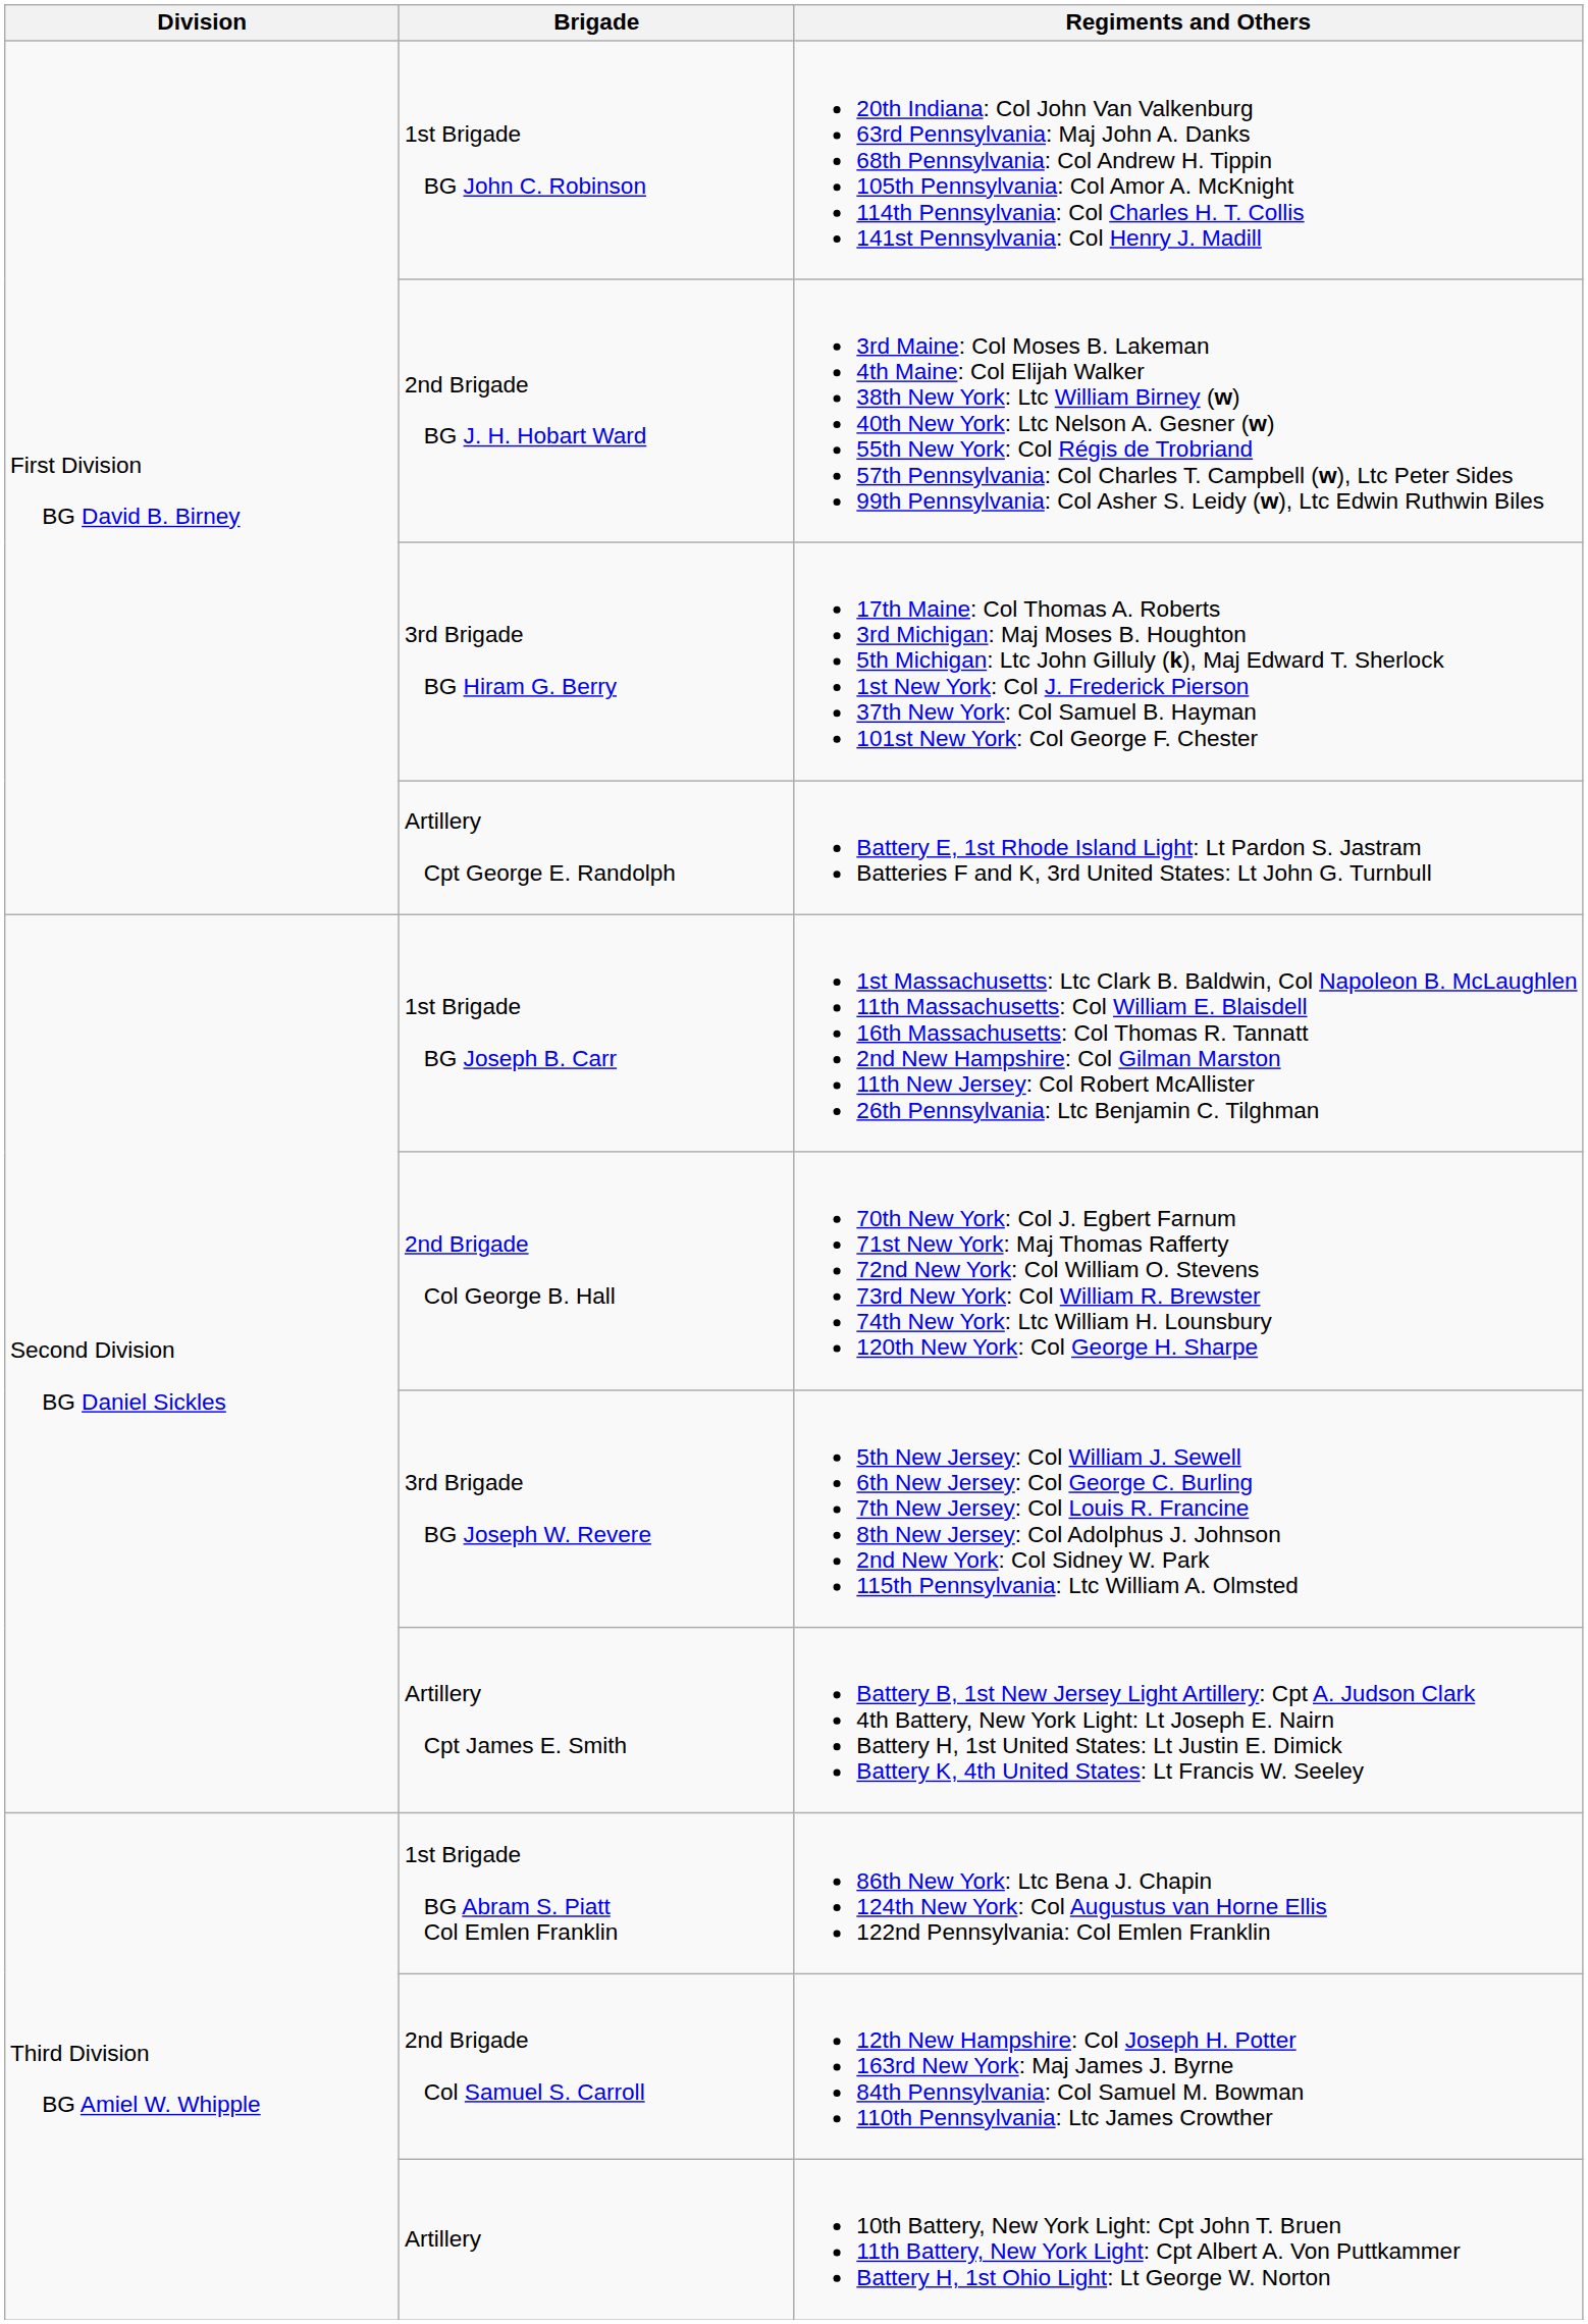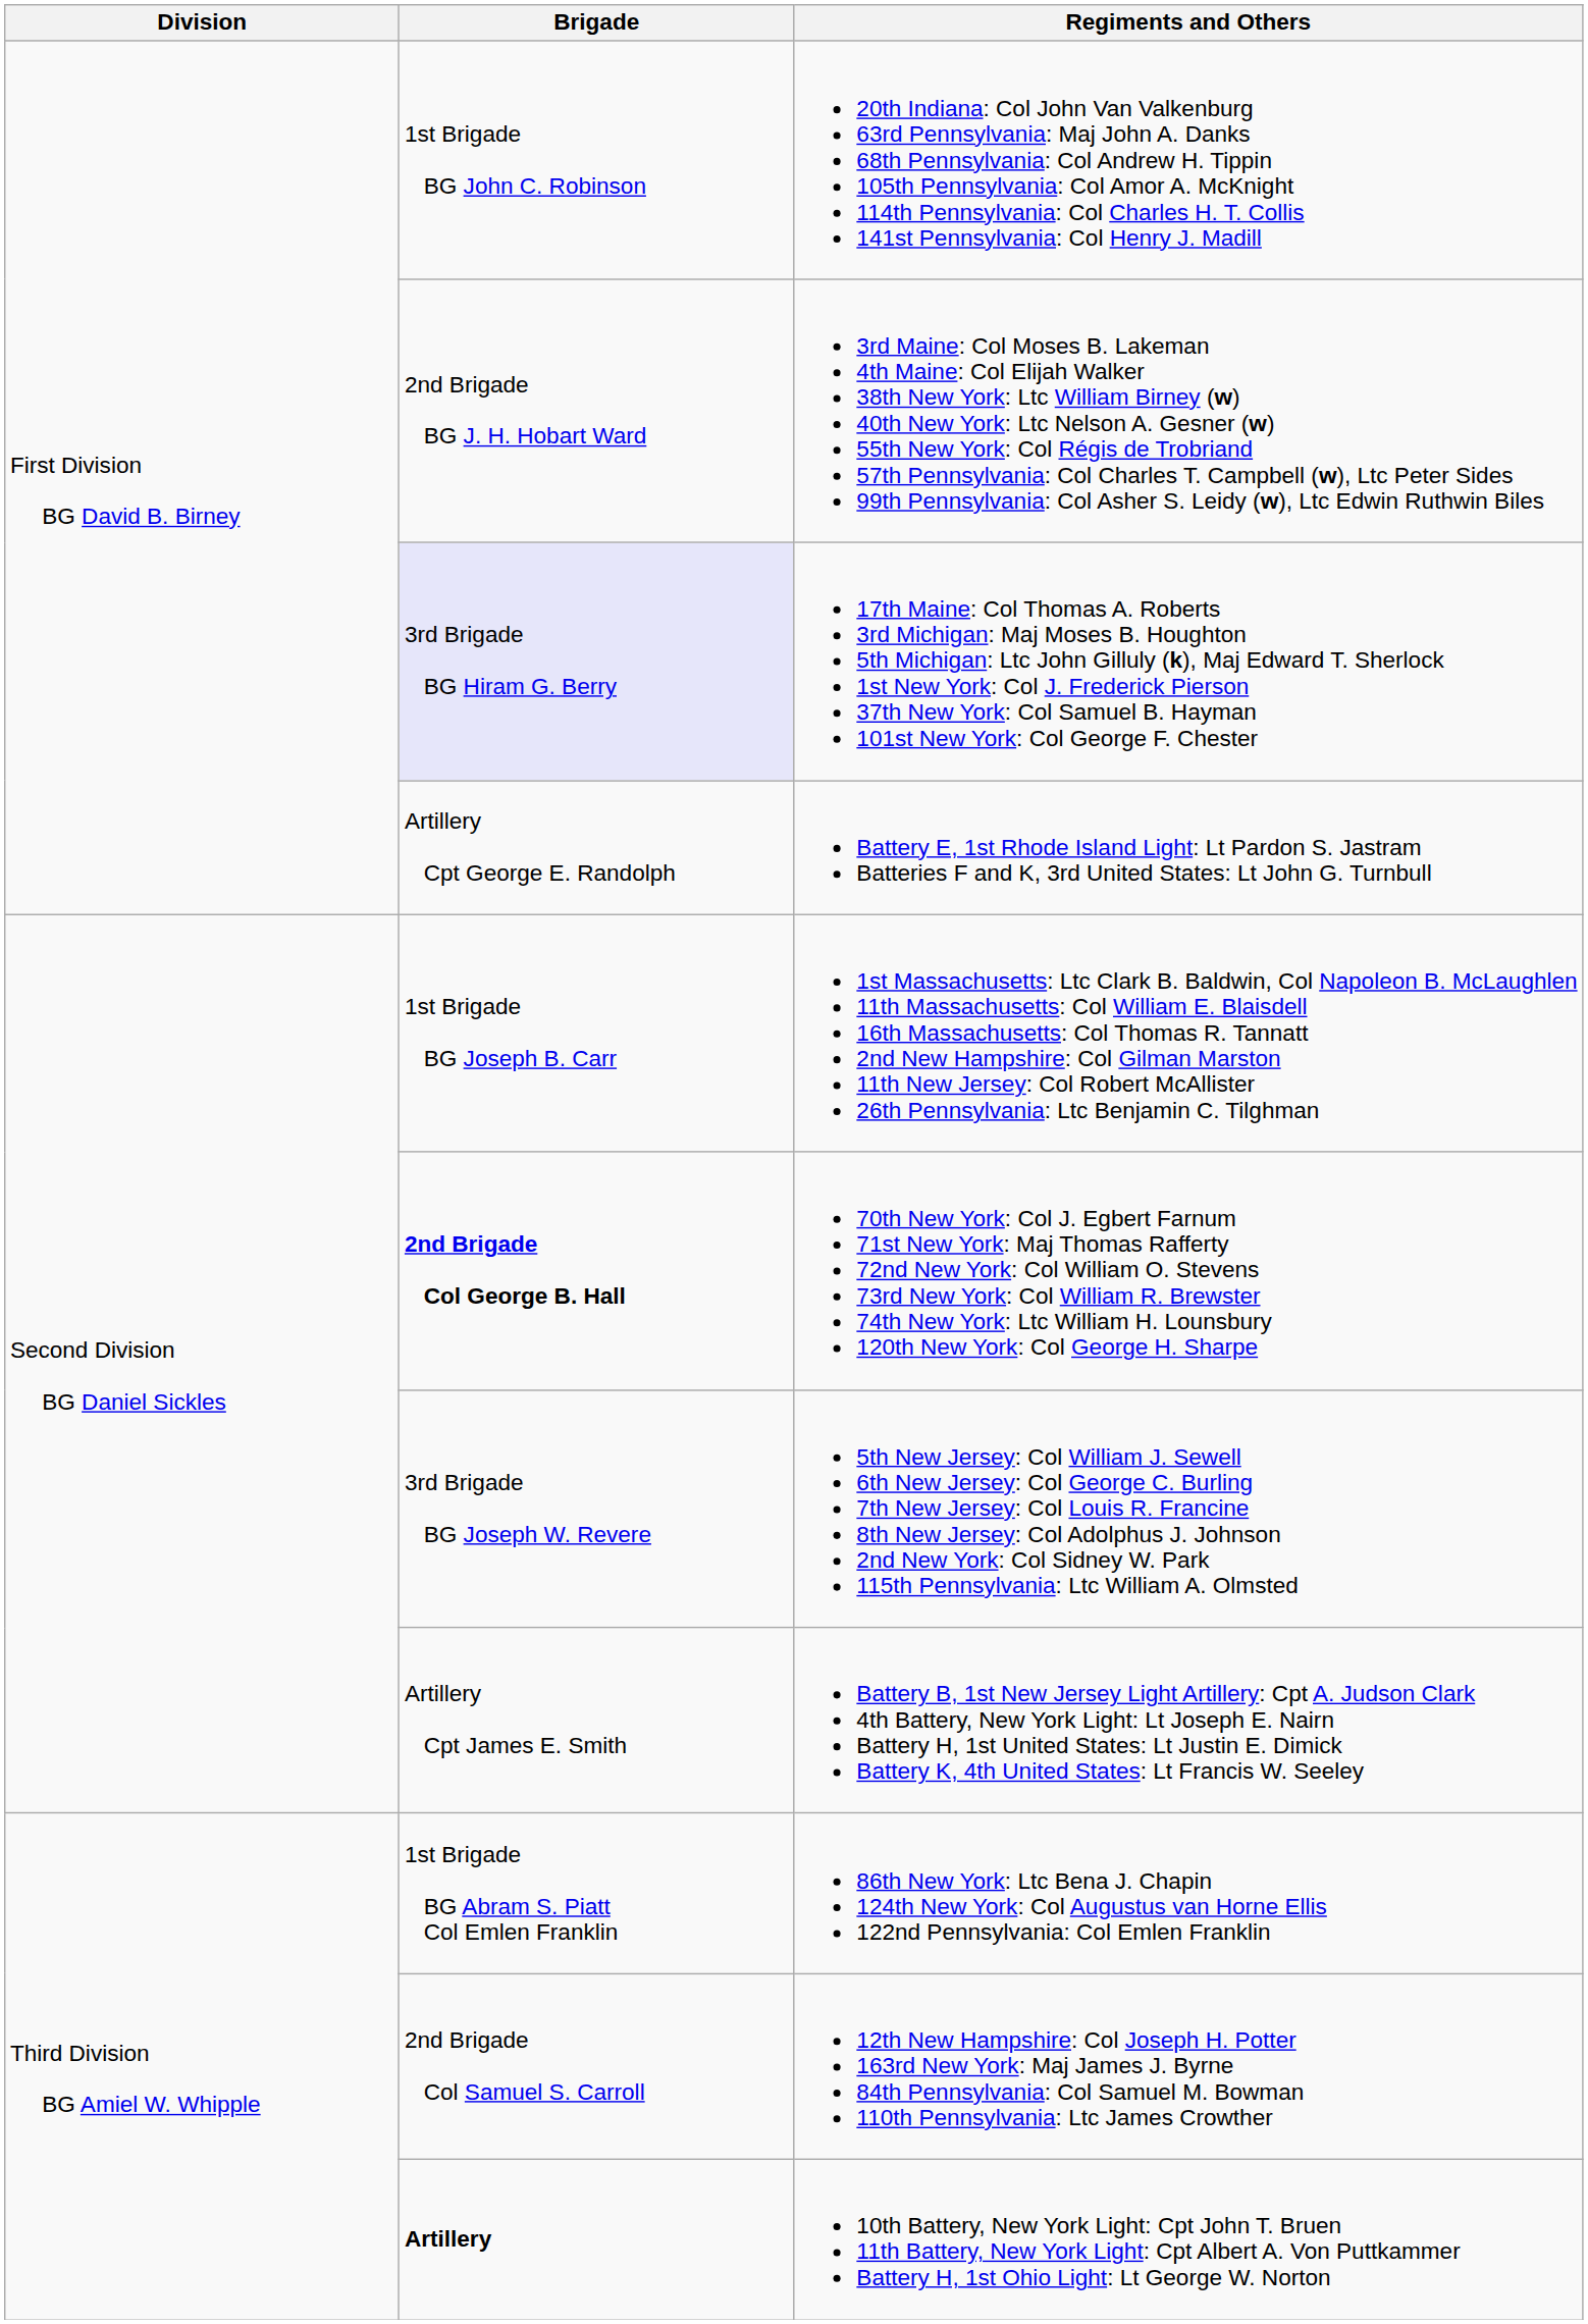 <table class="wikitable">
 <tr>
 <th width=25%>Division</th>
 <th width=25%>Brigade</th>
 <th>Regiments and Others</th>
 </tr>
 <tr>
 <td rowspan=4><br>First Division<br><br>     BG <a href='#'>David B. Birney</a></td>
 <td>1st Brigade<br><br>   BG <a href='#'>John C. Robinson</a></td>
 <td><br><ul><li><a href='#'>20th Indiana</a>: Col John Van Valkenburg</li><li><a href='#'>63rd Pennsylvania</a>: Maj John A. Danks</li><li><a href='#'>68th Pennsylvania</a>: Col Andrew H. Tippin</li><li><a href='#'>105th Pennsylvania</a>: Col Amor A. McKnight</li><li><a href='#'>114th Pennsylvania</a>: Col <a href='#'>Charles H. T. Collis</a></li><li><a href='#'>141st Pennsylvania</a>: Col <a href='#'>Henry J. Madill</a></li></ul></td>
 </tr>
 <tr>
 <td>2nd Brigade<br><br>   BG <a href='#'>J. H. Hobart Ward</a></td>
 <td><br><ul><li><a href='#'>3rd Maine</a>: Col Moses B. Lakeman</li><li><a href='#'>4th Maine</a>: Col Elijah Walker</li><li><a href='#'>38th New York</a>: Ltc <a href='#'>William Birney</a> (<strong>w</strong>)</li><li><a href='#'>40th New York</a>: Ltc Nelson A. Gesner (<strong>w</strong>)</li><li><a href='#'>55th New York</a>: Col <a href='#'>Régis de Trobriand</a></li><li><a href='#'>57th Pennsylvania</a>: Col Charles T. Campbell (<strong>w</strong>), Ltc Peter Sides</li><li><a href='#'>99th Pennsylvania</a>: Col Asher S. Leidy (<strong>w</strong>), Ltc Edwin Ruthwin Biles</li></ul></td>
 </tr>
 <tr>
-<td>3rd Brigade<br><br>   BG <a href='#'>Hiram G. Berry</a></td>
+<td style="background: lavender;">3rd Brigade<br><br>   BG <a href='#'>Hiram G. Berry</a></td>
 <td><br><ul><li><a href='#'>17th Maine</a>: Col Thomas A. Roberts</li><li><a href='#'>3rd Michigan</a>: Maj Moses B. Houghton</li><li><a href='#'>5th Michigan</a>: Ltc John Gilluly (<strong>k</strong>), Maj Edward T. Sherlock</li><li><a href='#'>1st New York</a>: Col <a href='#'>J. Frederick Pierson</a></li><li><a href='#'>37th New York</a>: Col Samuel B. Hayman</li><li><a href='#'>101st New York</a>: Col George F. Chester</li></ul></td>
 </tr>
 <tr>
 <td>Artillery<br><br>   Cpt George E. Randolph</td>
 <td><br><ul><li><a href='#'>Battery E, 1st Rhode Island Light</a>: Lt Pardon S. Jastram</li><li>Batteries F and K, 3rd United States: Lt John G. Turnbull</li></ul></td>
 </tr>
 <tr>
 <td rowspan=4><br>Second Division<br><br>     BG <a href='#'>Daniel Sickles</a></td>
 <td>1st Brigade<br><br>   BG <a href='#'>Joseph B. Carr</a></td>
 <td><br><ul><li><a href='#'>1st Massachusetts</a>: Ltc Clark B. Baldwin, Col <a href='#'>Napoleon B. McLaughlen</a></li><li><a href='#'>11th Massachusetts</a>: Col <a href='#'>William E. Blaisdell</a></li><li><a href='#'>16th Massachusetts</a>: Col Thomas R. Tannatt</li><li><a href='#'>2nd New Hampshire</a>: Col <a href='#'>Gilman Marston</a></li><li><a href='#'>11th New Jersey</a>: Col Robert McAllister</li><li><a href='#'>26th Pennsylvania</a>: Ltc Benjamin C. Tilghman</li></ul></td>
 </tr>
 <tr>
-<td><a href='#'>2nd Brigade</a><br><br>   Col George B. Hall</td>
+<td><strong><a href='#'>2nd Brigade</a><br><br>   Col George B. Hall</strong></td>
 <td><br><ul><li><a href='#'>70th New York</a>: Col J. Egbert Farnum</li><li><a href='#'>71st New York</a>: Maj Thomas Rafferty</li><li><a href='#'>72nd New York</a>: Col William O. Stevens</li><li><a href='#'>73rd New York</a>: Col <a href='#'>William R. Brewster</a></li><li><a href='#'>74th New York</a>: Ltc William H. Lounsbury</li><li><a href='#'>120th New York</a>: Col <a href='#'>George H. Sharpe</a></li></ul></td>
 </tr>
 <tr>
 <td>3rd Brigade<br><br>   BG <a href='#'>Joseph W. Revere</a></td>
 <td><br><ul><li><a href='#'>5th New Jersey</a>: Col <a href='#'>William J. Sewell</a></li><li><a href='#'>6th New Jersey</a>: Col <a href='#'>George C. Burling</a></li><li><a href='#'>7th New Jersey</a>: Col <a href='#'>Louis R. Francine</a></li><li><a href='#'>8th New Jersey</a>: Col Adolphus J. Johnson</li><li><a href='#'>2nd New York</a>: Col Sidney W. Park</li><li><a href='#'>115th Pennsylvania</a>: Ltc William A. Olmsted</li></ul></td>
 </tr>
 <tr>
 <td>Artillery<br><br>   Cpt James E. Smith</td>
 <td><br><ul><li><a href='#'>Battery B, 1st New Jersey Light Artillery</a>: Cpt <a href='#'>A. Judson Clark</a></li><li>4th Battery, New York Light: Lt Joseph E. Nairn</li><li>Battery H, 1st United States: Lt Justin E. Dimick</li><li><a href='#'>Battery K, 4th United States</a>: Lt Francis W. Seeley</li></ul></td>
 </tr>
 <tr>
 <td rowspan=3><br>Third Division<br><br>     BG <a href='#'>Amiel W. Whipple</a></td>
 <td>1st Brigade<br><br>   BG <a href='#'>Abram S. Piatt</a> <br>   Col Emlen Franklin</td>
 <td><br><ul><li><a href='#'>86th New York</a>: Ltc Bena J. Chapin</li><li><a href='#'>124th New York</a>: Col <a href='#'>Augustus van Horne Ellis</a></li><li>122nd Pennsylvania: Col Emlen Franklin</li></ul></td>
 </tr>
 <tr>
 <td>2nd Brigade<br><br>   Col <a href='#'>Samuel S. Carroll</a></td>
 <td><br><ul><li><a href='#'>12th New Hampshire</a>: Col <a href='#'>Joseph H. Potter</a></li><li><a href='#'>163rd New York</a>: Maj James J. Byrne</li><li><a href='#'>84th Pennsylvania</a>: Col Samuel M. Bowman</li><li><a href='#'>110th Pennsylvania</a>: Ltc James Crowther</li></ul></td>
 </tr>
 <tr>
-<td>Artillery</td>
+<td><strong>Artillery</strong></td>
 <td><br><ul><li>10th Battery, New York Light: Cpt John T. Bruen</li><li><a href='#'>11th Battery, New York Light</a>: Cpt Albert A. Von Puttkammer</li><li><a href='#'>Battery H, 1st Ohio Light</a>: Lt George W. Norton</li></ul></td>
 </tr>
 </table>
